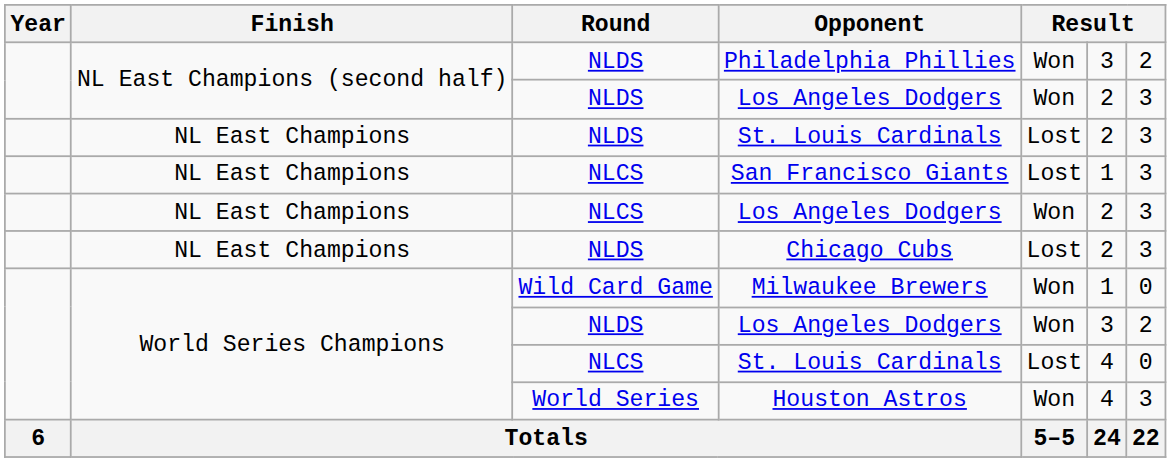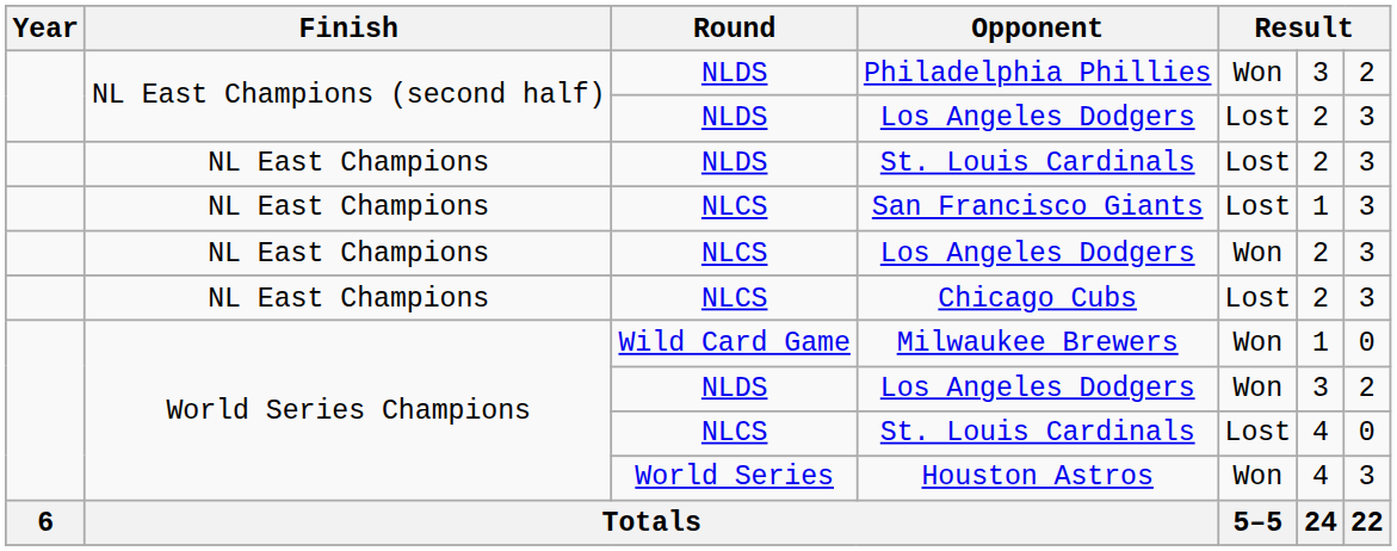 <table class="wikitable">
 <tr>
 <th colspan=1>Year</th>
 <th colspan=1>Finish</th>
 <th colspan=1>Round</th>
 <th colspan=1>Opponent</th>
 <th colspan=3>Result</th>
 </tr>
 <tr>
 <td align="center" rowspan="2"></td>
 <td align="center" rowspan="2">NL East Champions (second half)</td>
 <td align="center"><a href='#'>NLDS</a></td>
 <td align="center"><a href='#'>Philadelphia Phillies</a></td>
 <td align="center">Won</td>
 <td align="center">3</td>
 <td align="center">2</td>
 </tr>
 <tr>
 <td align="center"><a href='#'>NLDS</a></td>
 <td align="center"><a href='#'>Los Angeles Dodgers</a></td>
-<td align="center">Won</td>
+<td align="center">Lost</td>
 <td align="center">2</td>
 <td align="center">3</td>
 </tr>
 <tr>
 <td align="center" rowspan="1"></td>
 <td align="center" rowspan="1">NL East Champions</td>
 <td align="center"><a href='#'>NLDS</a></td>
 <td align="center"><a href='#'>St. Louis Cardinals</a></td>
 <td align="center">Lost</td>
 <td align="center">2</td>
 <td align="center">3</td>
 </tr>
 <tr>
 <td align="center" rowspan="1"></td>
 <td align="center" rowspan="1">NL East Champions</td>
 <td align="center"><a href='#'>NLCS</a></td>
 <td align="center"><a href='#'>San Francisco Giants</a></td>
 <td align="center">Lost</td>
 <td align="center">1</td>
 <td align="center">3</td>
 </tr>
 <tr>
 <td align="center" rowspan="1"></td>
 <td align="center" rowspan="1">NL East Champions</td>
 <td align="center"><a href='#'>NLCS</a></td>
 <td align="center"><a href='#'>Los Angeles Dodgers</a></td>
 <td align="center">Won</td>
 <td align="center">2</td>
 <td align="center">3</td>
 </tr>
 <tr>
 <td align="center" rowspan="1"></td>
 <td align="center" rowspan="1">NL East Champions</td>
-<td align="center"><a href='#'>NLDS</a></td>
+<td align="center"><a href='#'>NLCS</a></td>
 <td align="center"><a href='#'>Chicago Cubs</a></td>
 <td align="center">Lost</td>
 <td align="center">2</td>
 <td align="center">3</td>
 </tr>
 <tr>
 <td align="center" rowspan="4"></td>
 <td align="center" rowspan="4">World Series Champions</td>
 <td align="center"><a href='#'>Wild Card Game</a></td>
 <td align="center"><a href='#'>Milwaukee Brewers</a></td>
 <td align="center">Won</td>
 <td align="center">1</td>
 <td align="center">0</td>
 </tr>
 <tr>
 <td align="center"><a href='#'>NLDS</a></td>
 <td align="center"><a href='#'>Los Angeles Dodgers</a></td>
 <td align="center">Won</td>
 <td align="center">3</td>
 <td align="center">2</td>
 </tr>
 <tr>
 <td align="center"><a href='#'>NLCS</a></td>
 <td align="center"><a href='#'>St. Louis Cardinals</a></td>
 <td align="center">Lost</td>
 <td align="center">4</td>
 <td align="center">0</td>
 </tr>
 <tr>
 <td align="center"><a href='#'>World Series</a></td>
 <td align="center"><a href='#'>Houston Astros</a></td>
 <td align="center">Won</td>
 <td align="center">4</td>
 <td align="center">3</td>
 </tr>
 <tr>
 <th align="center">6</th>
 <th colspan="3">Totals</th>
 <th>5–5</th>
 <th>24</th>
 <th>22</th>
 </tr>
 </table>
